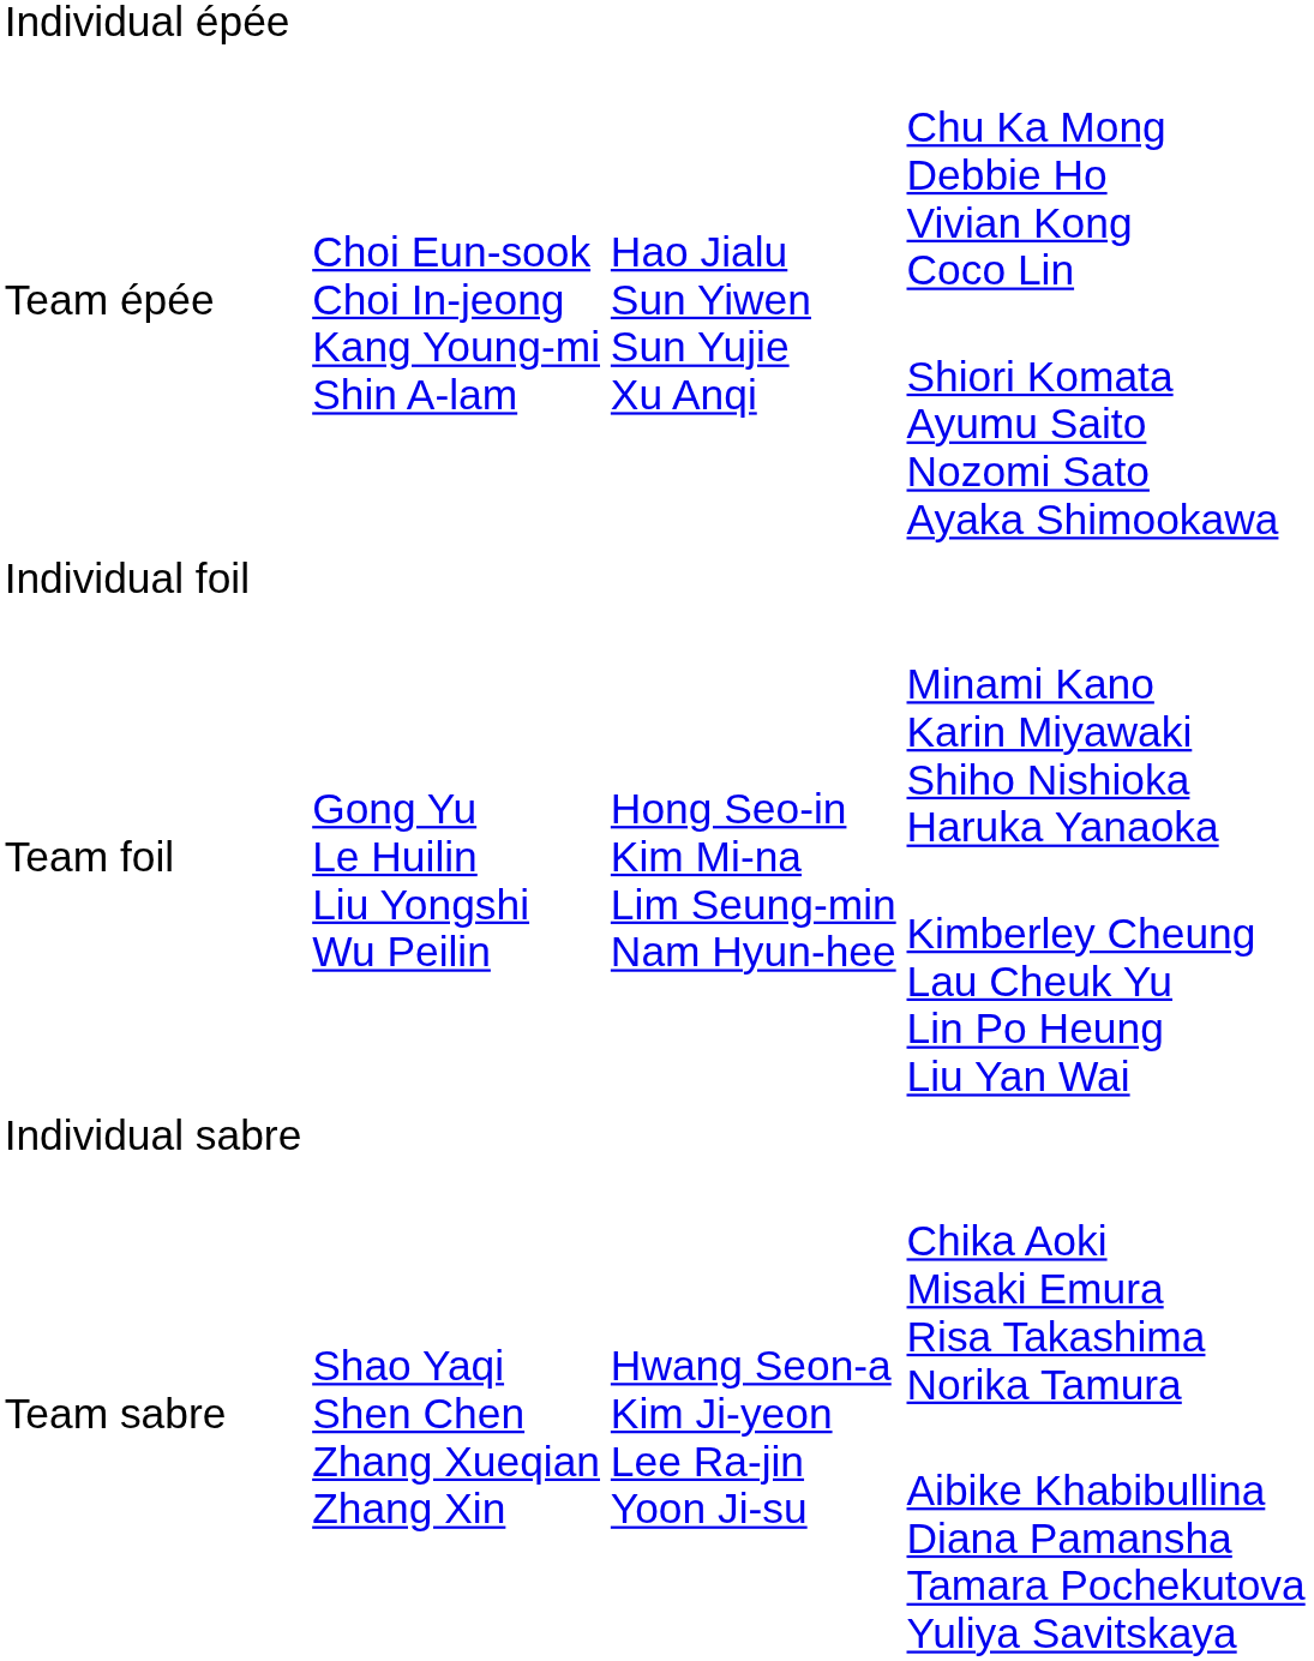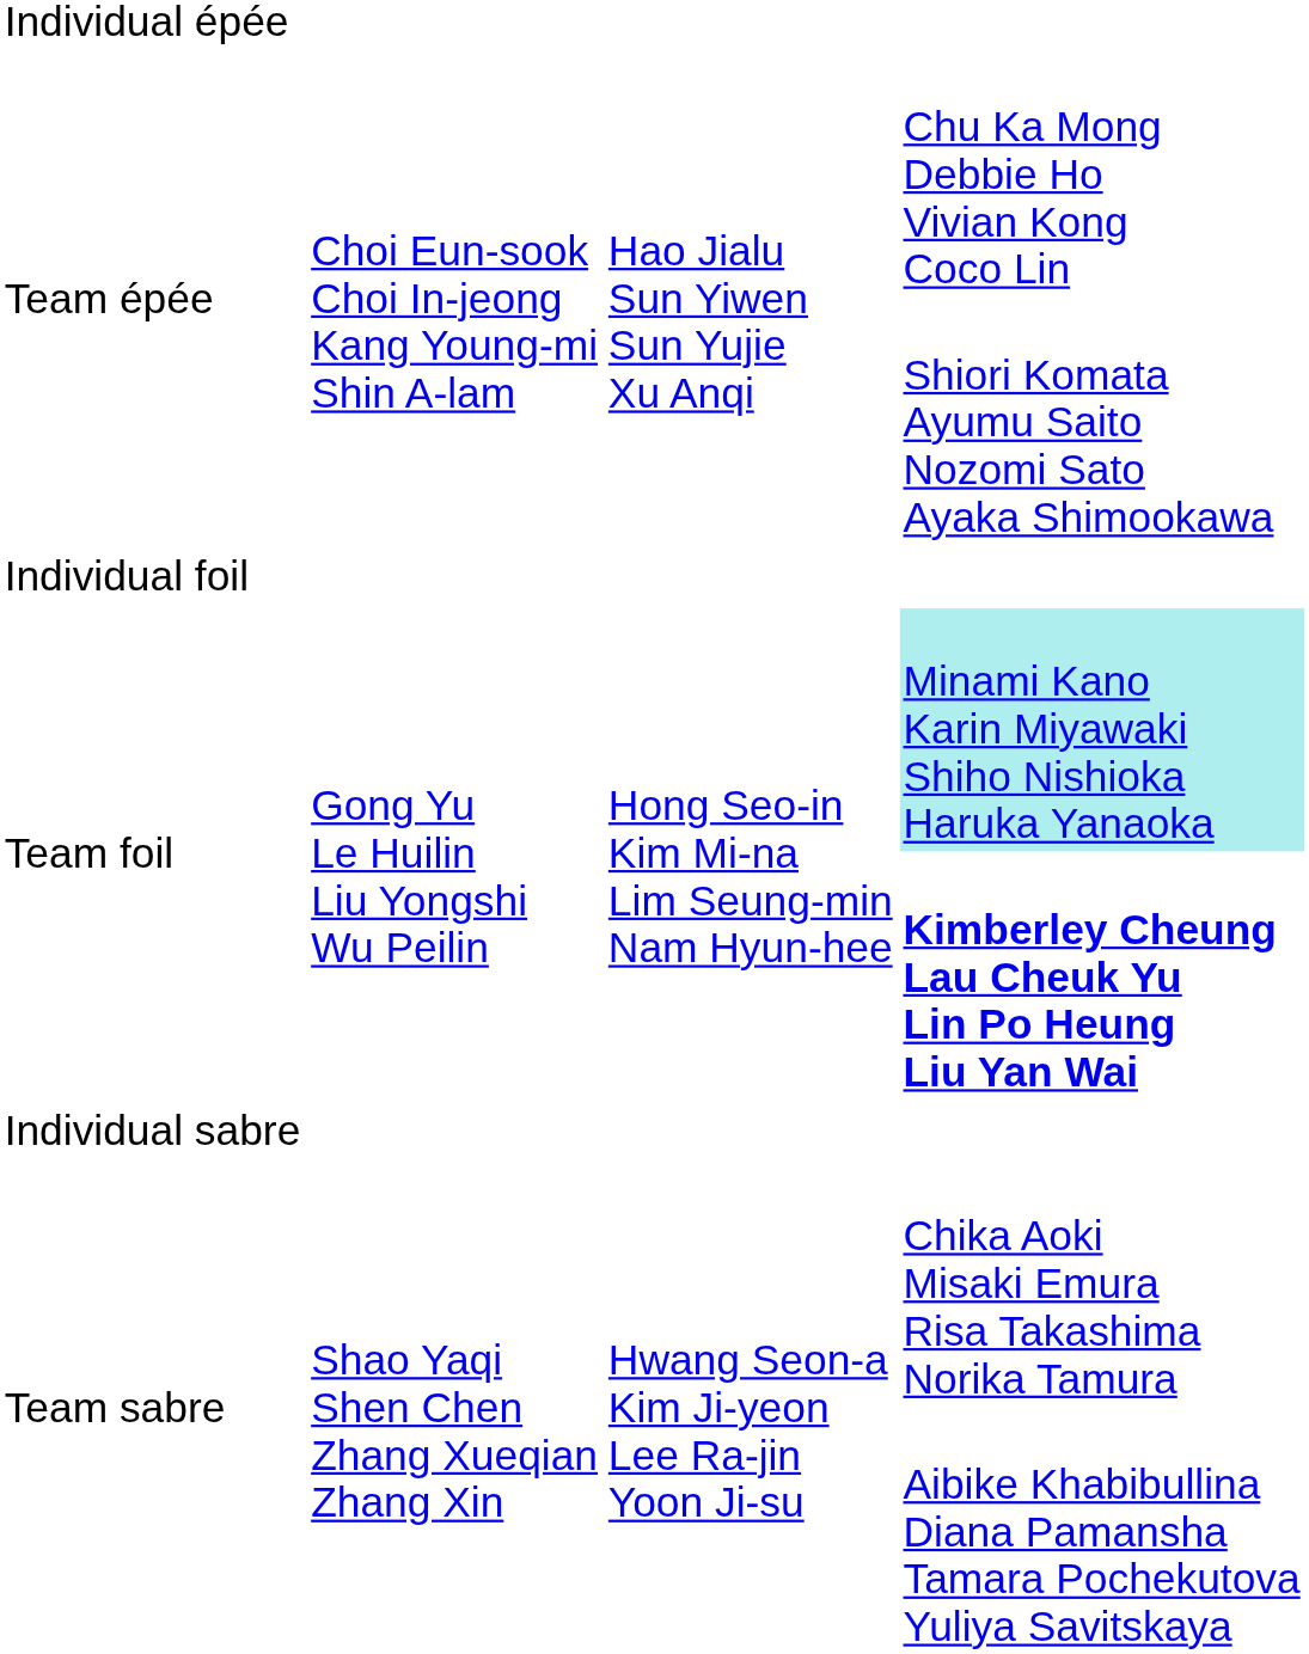 <table>
 <tr>
 <td rowspan=2>Individual épée</td>
 <td rowspan=2></td>
 <td rowspan=2></td>
 <td></td>
 </tr>
 <tr>
 <td></td>
 </tr>
 <tr>
 <td rowspan=2>Team épée</td>
 <td rowspan=2><br><a href='#'>Choi Eun-sook</a><br><a href='#'>Choi In-jeong</a><br><a href='#'>Kang Young-mi</a><br><a href='#'>Shin A-lam</a></td>
 <td rowspan=2><br><a href='#'>Hao Jialu</a><br><a href='#'>Sun Yiwen</a><br><a href='#'>Sun Yujie</a><br><a href='#'>Xu Anqi</a></td>
 <td><br><a href='#'>Chu Ka Mong</a><br><a href='#'>Debbie Ho</a><br><a href='#'>Vivian Kong</a><br><a href='#'>Coco Lin</a></td>
 </tr>
 <tr>
 <td><br><a href='#'>Shiori Komata</a><br><a href='#'>Ayumu Saito</a><br><a href='#'>Nozomi Sato</a><br><a href='#'>Ayaka Shimookawa</a></td>
 </tr>
 <tr>
 <td rowspan=2>Individual foil</td>
 <td rowspan=2></td>
 <td rowspan=2></td>
 <td></td>
 </tr>
 <tr>
 <td></td>
 </tr>
 <tr>
 <td rowspan=2>Team foil</td>
 <td rowspan=2><br><a href='#'>Gong Yu</a><br><a href='#'>Le Huilin</a><br><a href='#'>Liu Yongshi</a><br><a href='#'>Wu Peilin</a></td>
 <td rowspan=2><br><a href='#'>Hong Seo-in</a><br><a href='#'>Kim Mi-na</a><br><a href='#'>Lim Seung-min</a><br><a href='#'>Nam Hyun-hee</a></td>
-<td><br><a href='#'>Minami Kano</a><br><a href='#'>Karin Miyawaki</a><br><a href='#'>Shiho Nishioka</a><br><a href='#'>Haruka Yanaoka</a></td>
+<td style="background: paleturquoise;"><br><a href='#'>Minami Kano</a><br><a href='#'>Karin Miyawaki</a><br><a href='#'>Shiho Nishioka</a><br><a href='#'>Haruka Yanaoka</a></td>
 </tr>
 <tr>
-<td><br><a href='#'>Kimberley Cheung</a><br><a href='#'>Lau Cheuk Yu</a><br><a href='#'>Lin Po Heung</a><br><a href='#'>Liu Yan Wai</a></td>
+<td><strong><br><a href='#'>Kimberley Cheung</a><br><a href='#'>Lau Cheuk Yu</a><br><a href='#'>Lin Po Heung</a><br><a href='#'>Liu Yan Wai</a></strong></td>
 </tr>
 <tr>
 <td rowspan=2>Individual sabre</td>
 <td rowspan=2></td>
 <td rowspan=2></td>
 <td></td>
 </tr>
 <tr>
 <td></td>
 </tr>
 <tr>
 <td rowspan=2>Team sabre</td>
 <td rowspan=2><br><a href='#'>Shao Yaqi</a><br><a href='#'>Shen Chen</a><br><a href='#'>Zhang Xueqian</a><br><a href='#'>Zhang Xin</a></td>
 <td rowspan=2><br><a href='#'>Hwang Seon-a</a><br><a href='#'>Kim Ji-yeon</a><br><a href='#'>Lee Ra-jin</a><br><a href='#'>Yoon Ji-su</a></td>
 <td><br><a href='#'>Chika Aoki</a><br><a href='#'>Misaki Emura</a><br><a href='#'>Risa Takashima</a><br><a href='#'>Norika Tamura</a></td>
 </tr>
 <tr>
 <td><br><a href='#'>Aibike Khabibullina</a><br><a href='#'>Diana Pamansha</a><br><a href='#'>Tamara Pochekutova</a><br><a href='#'>Yuliya Savitskaya</a></td>
 </tr>
 </table>
